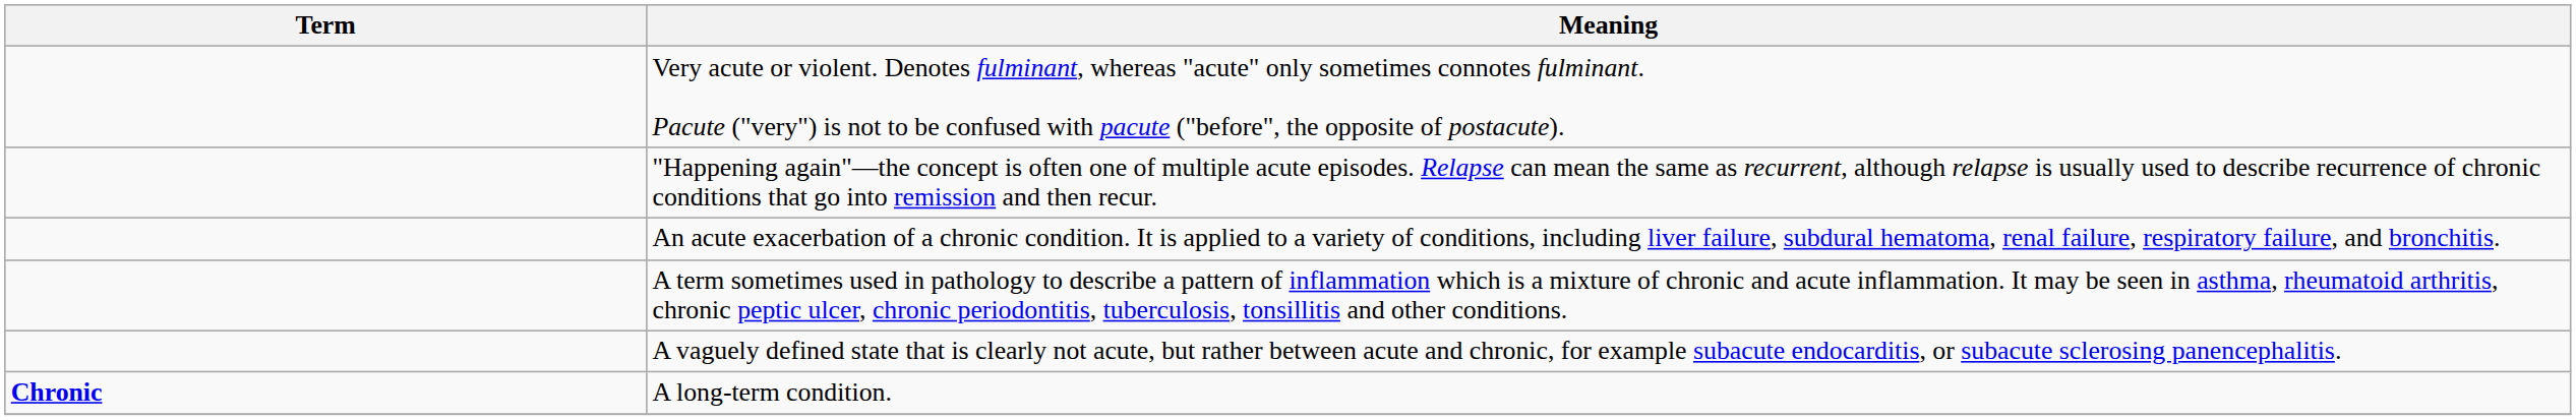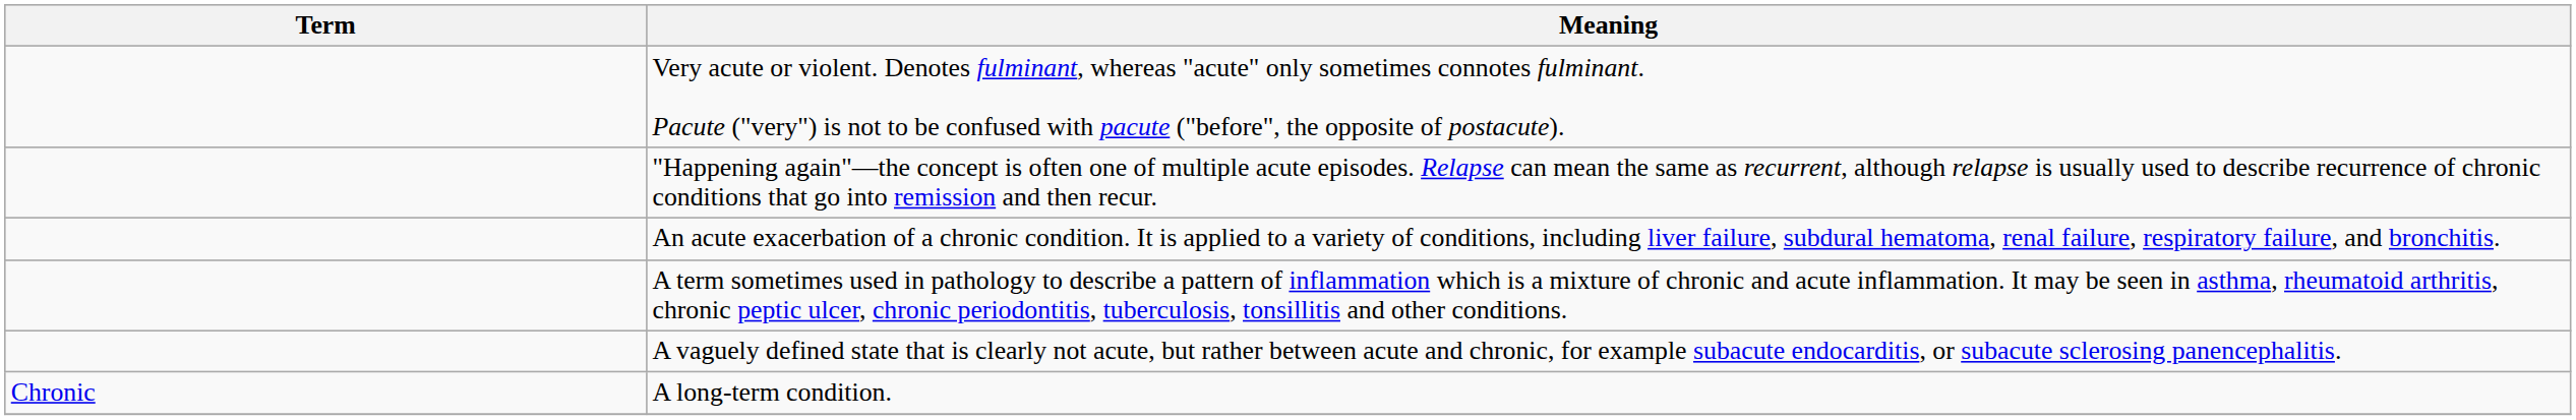 <table class="wikitable sortable" border="1">
 <tr>
 <th scope="col" style="width: 25%;">Term</th>
 <th scope="col" style="width: 75%;">Meaning</th>
 </tr>
 <tr>
 <td></td>
 <td>Very acute or violent. Denotes <em><a href='#'>fulminant</a></em>, whereas "acute" only sometimes connotes <em>fulminant</em>.<br><br> <em>Pacute</em> ("very") is not to be confused with <em><a href='#'>pacute</a></em> ("before", the opposite of <em>postacute</em>).</td>
 </tr>
 <tr>
 <td></td>
 <td>"Happening again"—the concept is often one of multiple acute episodes. <em><a href='#'>Relapse</a></em> can mean the same as <em>recurrent</em>, although <em>relapse</em> is usually used to describe recurrence of chronic conditions that go into <a href='#'>remission</a> and then recur.</td>
 </tr>
 <tr>
 <td></td>
 <td>An acute exacerbation of a chronic condition. It is applied to a variety of conditions, including <a href='#'>liver failure</a>, <a href='#'>subdural hematoma</a>, <a href='#'>renal failure</a>, <a href='#'>respiratory failure</a>, and <a href='#'>bronchitis</a>.</td>
 </tr>
 <tr>
 <td></td>
 <td>A term sometimes used in pathology to describe a pattern of <a href='#'>inflammation</a> which is a mixture of chronic and acute inflammation. It may be seen in <a href='#'>asthma</a>, <a href='#'>rheumatoid arthritis</a>, chronic <a href='#'>peptic ulcer</a>, <a href='#'>chronic periodontitis</a>, <a href='#'>tuberculosis</a>, <a href='#'>tonsillitis</a> and other conditions.</td>
 </tr>
 <tr>
 <td></td>
 <td>A vaguely defined state that is clearly not acute, but rather between acute and chronic, for example <a href='#'>subacute endocarditis</a>, or <a href='#'>subacute sclerosing panencephalitis</a>.</td>
 </tr>
 <tr>
-<td><strong><a href='#'>Chronic</a></strong></td>
+<td><a href='#'>Chronic</a></td>
 <td>A long-term condition.</td>
 </tr>
 <tr>
 </tr>
 </table>
